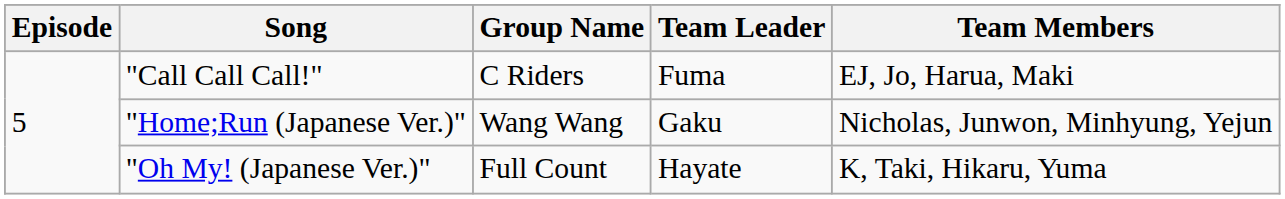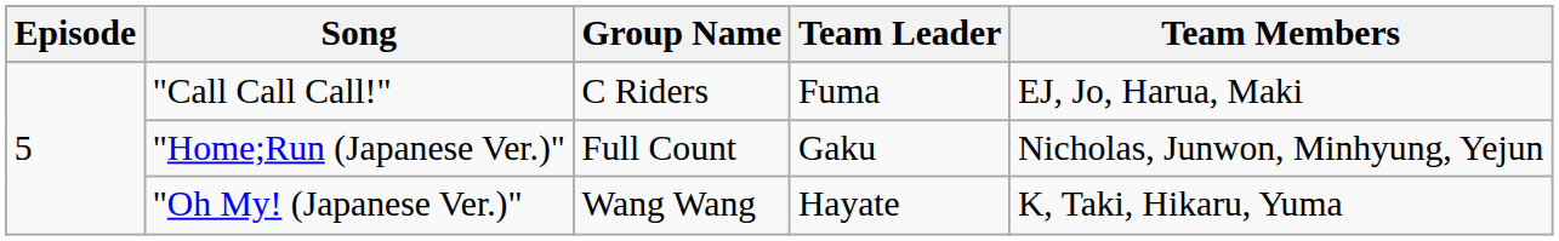 <table class="wikitable">
 <tr>
 <th>Episode</th>
 <th>Song</th>
 <th>Group Name</th>
 <th>Team Leader</th>
 <th>Team Members</th>
 </tr>
 <tr>
 <td rowspan="3">5</td>
 <td>"Call Call Call!"</td>
 <td>C Riders</td>
 <td>Fuma</td>
 <td>EJ, Jo, Harua, Maki</td>
 </tr>
 <tr>
 <td>"<a href='#'>Home;Run</a> (Japanese Ver.)"</td>
-<td>Wang Wang</td>
+<td>Full Count</td>
 <td>Gaku</td>
 <td>Nicholas, Junwon, Minhyung, Yejun</td>
 </tr>
 <tr>
 <td>"<a href='#'>Oh My!</a> (Japanese Ver.)"</td>
-<td>Full Count</td>
+<td>Wang Wang</td>
 <td>Hayate</td>
 <td>K, Taki, Hikaru, Yuma</td>
 </tr>
 </table>
